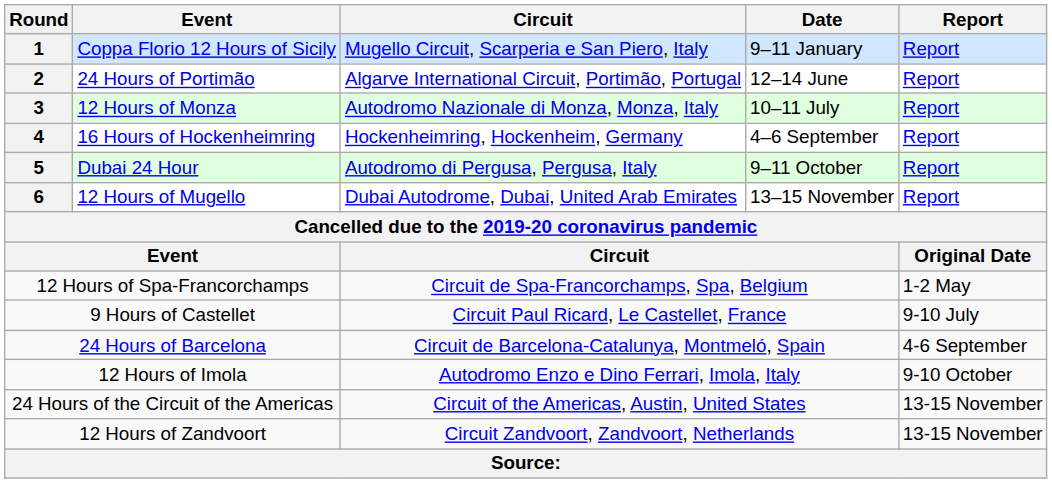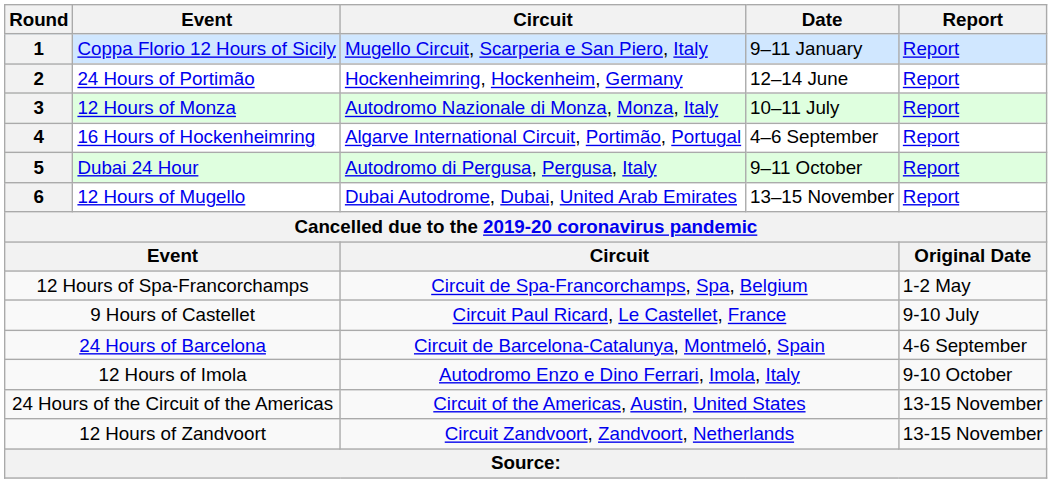 <table class="wikitable" style="font-size: 85%">
 <tr>
 <th>Round</th>
 <th>Event</th>
 <th>Circuit</th>
 <th>Date</th>
 <th>Report</th>
 </tr>
 <tr bgcolor=#D0E7FF>
 <th>1</th>
 <td><a href='#'>Coppa Florio 12 Hours of Sicily</a></td>
 <td> <a href='#'>Mugello Circuit</a>, <a href='#'>Scarperia e San Piero</a>, <a href='#'>Italy</a></td>
 <td>9–11 January</td>
 <td><a href='#'>Report</a></td>
 </tr>
 <tr bgcolor=#FFFFFF>
 <th>2</th>
 <td><a href='#'>24 Hours of Portimão</a></td>
-<td> <a href='#'>Algarve International Circuit</a>, <a href='#'>Portimão</a>, <a href='#'>Portugal</a></td>
+<td> <a href='#'>Hockenheimring</a>, <a href='#'>Hockenheim</a>, <a href='#'>Germany</a></td>
 <td>12–14 June</td>
 <td><a href='#'>Report</a></td>
 </tr>
 <tr bgcolor=#DFFFDF>
 <th>3</th>
 <td><a href='#'>12 Hours of Monza</a></td>
 <td> <a href='#'>Autodromo Nazionale di Monza</a>, <a href='#'>Monza</a>, <a href='#'>Italy</a></td>
 <td>10–11 July</td>
 <td><a href='#'>Report</a></td>
 </tr>
 <tr bgcolor=#FFFFFF>
 <th>4</th>
 <td><a href='#'>16 Hours of Hockenheimring</a></td>
-<td> <a href='#'>Hockenheimring</a>, <a href='#'>Hockenheim</a>, <a href='#'>Germany</a></td>
+<td> <a href='#'>Algarve International Circuit</a>, <a href='#'>Portimão</a>, <a href='#'>Portugal</a></td>
 <td>4–6 September</td>
 <td><a href='#'>Report</a></td>
 </tr>
 <tr bgcolor=#DFFFDF>
 <th>5</th>
 <td><a href='#'>Dubai 24 Hour</a></td>
 <td> <a href='#'>Autodromo di Pergusa</a>, <a href='#'>Pergusa</a>, <a href='#'>Italy</a></td>
 <td>9–11 October</td>
 <td><a href='#'>Report</a></td>
 </tr>
 <tr bgcolor=#FFFFFF>
 <th>6</th>
 <td><a href='#'>12 Hours of Mugello</a></td>
 <td> <a href='#'>Dubai Autodrome</a>, <a href='#'>Dubai</a>, <a href='#'>United Arab Emirates</a></td>
 <td>13–15 November</td>
 <td><a href='#'>Report</a></td>
 </tr>
 <tr>
 <th colspan=5>Cancelled due to the <a href='#'>2019-20 coronavirus pandemic</a></th>
 </tr>
 <tr>
 <th colspan=2>Event</th>
 <th colspan=2>Circuit</th>
 <th>Original Date</th>
 </tr>
 <tr>
 <td colspan=2 align=center>12 Hours of Spa-Francorchamps</td>
 <td colspan=2 align=center> <a href='#'>Circuit de Spa-Francorchamps</a>, <a href='#'>Spa</a>, <a href='#'>Belgium</a></td>
 <td>1-2 May</td>
 </tr>
 <tr>
 <td colspan=2 align=center>9 Hours of Castellet</td>
 <td colspan=2 align=center> <a href='#'>Circuit Paul Ricard</a>, <a href='#'>Le Castellet</a>, <a href='#'>France</a></td>
 <td>9-10 July</td>
 </tr>
 <tr>
 <td colspan=2 align=center><a href='#'>24 Hours of Barcelona</a></td>
 <td colspan=2 align=center> <a href='#'>Circuit de Barcelona-Catalunya</a>, <a href='#'>Montmeló</a>, <a href='#'>Spain</a></td>
 <td>4-6 September</td>
 </tr>
 <tr>
 <td colspan=2 align=center>12 Hours of Imola</td>
 <td colspan=2 align=center> <a href='#'>Autodromo Enzo e Dino Ferrari</a>, <a href='#'>Imola</a>, <a href='#'>Italy</a></td>
 <td>9-10 October</td>
 </tr>
 <tr>
 <td colspan=2 align=center>24 Hours of the Circuit of the Americas</td>
 <td colspan=2 align=center> <a href='#'>Circuit of the Americas</a>, <a href='#'>Austin</a>, <a href='#'>United States</a></td>
 <td>13-15 November</td>
 </tr>
 <tr>
 <td colspan=2 align=center>12 Hours of Zandvoort</td>
 <td colspan=2 align=center> <a href='#'>Circuit Zandvoort</a>, <a href='#'>Zandvoort</a>, <a href='#'>Netherlands</a></td>
 <td>13-15 November</td>
 </tr>
 <tr>
 <th colspan=7>Source:</th>
 </tr>
 </table>
